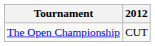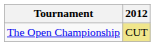 <table class="wikitable" style="font-size:95%;text-align:center;">
 <tr>
 <th>Tournament</th>
 <th>2012</th>
 </tr>
 <tr>
 <td align=left><a href='#'>The Open Championship</a></td>
-<td>CUT</td>
+<td style="background: khaki;">CUT</td>
 </tr>
 </table>
